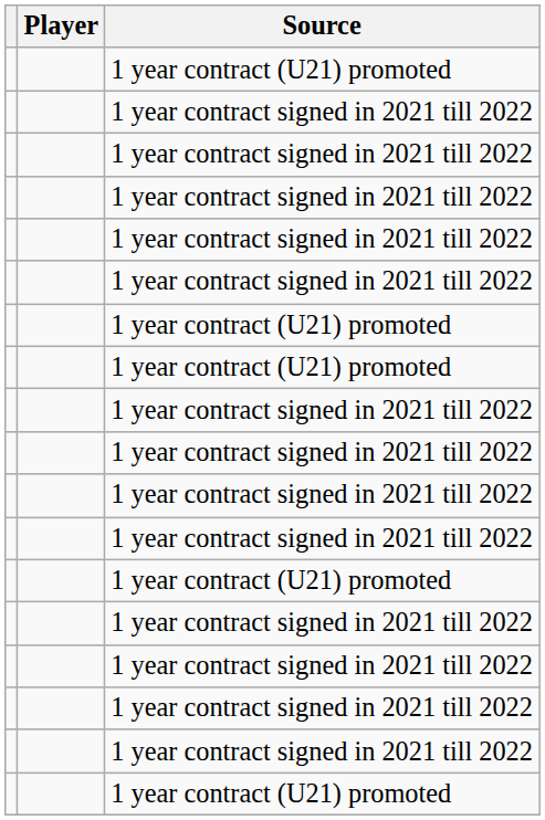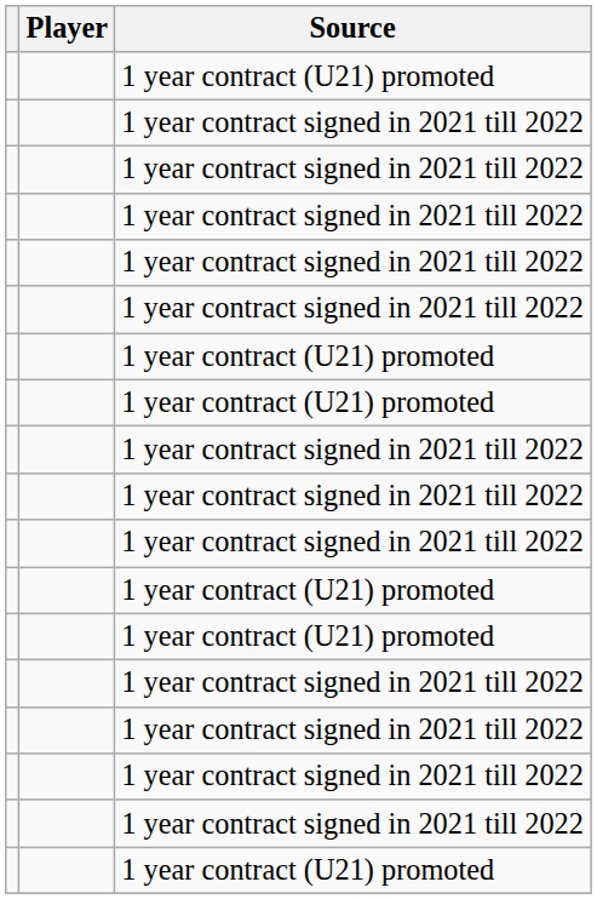 <table class="wikitable plainrowheaders sortable">
 <tr>
 <th></th>
 <th scope=col>Player</th>
 <th scope=col>Source</th>
 </tr>
 <tr>
 <td></td>
 <td></td>
 <td>1 year contract (U21) promoted</td>
 </tr>
 <tr>
 <td></td>
 <td align=left></td>
 <td>1 year contract signed in 2021 till 2022</td>
 </tr>
 <tr>
 <td></td>
 <td align=left></td>
 <td>1 year contract signed in 2021 till 2022</td>
 </tr>
 <tr>
 <td></td>
 <td align=left></td>
 <td>1 year contract signed in 2021 till 2022</td>
 </tr>
 <tr>
 <td></td>
 <td align=left></td>
 <td>1 year contract signed in 2021 till 2022</td>
 </tr>
 <tr>
 <td></td>
 <td align=left></td>
 <td>1 year contract signed in 2021 till 2022</td>
 </tr>
 <tr>
 <td></td>
 <td align=left></td>
 <td>1 year contract (U21) promoted</td>
 </tr>
 <tr>
 <td></td>
 <td align=left></td>
 <td>1 year contract (U21) promoted</td>
 </tr>
 <tr>
 <td></td>
 <td></td>
 <td>1 year contract signed in 2021 till 2022 </td>
 </tr>
 <tr>
 <td></td>
 <td></td>
 <td>1 year contract signed in 2021 till 2022</td>
 </tr>
 <tr>
 <td></td>
 <td align=left></td>
 <td>1 year contract signed in 2021 till 2022</td>
 </tr>
 <tr>
 <td></td>
 <td align=left></td>
-<td>1 year contract signed in 2021 till 2022 </td>
+<td>1 year contract (U21) promoted</td>
 </tr>
 <tr>
 <td></td>
 <td align=left></td>
 <td>1 year contract (U21) promoted</td>
 </tr>
 <tr>
 <td></td>
 <td align=left></td>
 <td>1 year contract signed in 2021 till 2022 </td>
 </tr>
 <tr>
 <td></td>
 <td align=left></td>
 <td>1 year contract signed in 2021 till 2022</td>
 </tr>
 <tr>
 <td></td>
 <td align=left></td>
 <td>1 year contract signed in 2021 till 2022 </td>
 </tr>
 <tr>
 <td></td>
 <td align=left></td>
 <td>1 year contract signed in 2021 till 2022</td>
 </tr>
 <tr>
 <td></td>
 <td align=left></td>
 <td>1 year contract (U21) promoted</td>
 </tr>
 <tr>
 </tr>
 </table>
